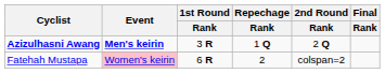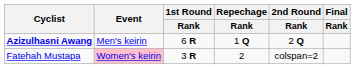 <table class="wikitable" style="font-size:90%">
 <tr>
 <th rowspan=2>Cyclist</th>
 <th rowspan=2>Event</th>
 <th>1st Round</th>
 <th>Repechage</th>
 <th>2nd Round</th>
 <th>Final</th>
 </tr>
 <tr style="font-size:95%">
 <th>Rank</th>
 <th>Rank</th>
 <th>Rank</th>
 <th>Rank</th>
 </tr>
 <tr align=center>
 <td align=left><strong><a href='#'>Azizulhasni Awang</a></strong></td>
-<td align=left><strong><a href='#'>Men's keirin</a></strong></td>
-<td>3 <strong>R</strong></td>
+<td align=left><a href='#'>Men's keirin</a></td>
+<td>6 <strong>R</strong></td>
 <td>1 <strong>Q</strong></td>
 <td>2 <strong>Q</strong></td>
 <td></td>
 </tr>
 <tr align=center>
 <td align=left><a href='#'>Fatehah Mustapa</a></td>
 <td align=left style="background: pink;"><a href='#'>Women's keirin</a></td>
-<td>6 <strong>R</strong></td>
+<td>3 <strong>R</strong></td>
 <td>2</td>
 <td>colspan=2 </td>
 </tr>
 </table>
